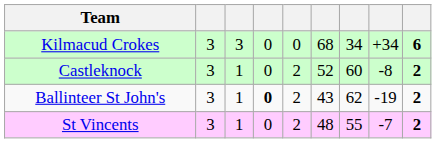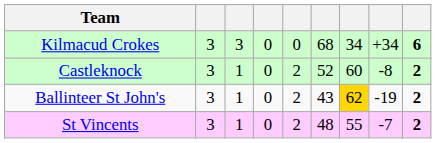 <table class="wikitable" style="text-align:center">
 <tr>
 <th style="width:175px;">Team</th>
 <th width="20"></th>
 <th width="20"></th>
 <th width="20"></th>
 <th width="20"></th>
 <th width="20"></th>
 <th width="20"></th>
 <th width="20"></th>
 <th width="20"></th>
 </tr>
 <tr style="background:#cfc;">
 <td><a href='#'>Kilmacud Crokes</a></td>
 <td>3</td>
 <td>3</td>
 <td>0</td>
 <td>0</td>
 <td>68</td>
 <td>34</td>
 <td>+34</td>
 <td><strong>6</strong></td>
 </tr>
 <tr style="background:#cfc;">
 <td><a href='#'>Castleknock</a></td>
 <td>3</td>
 <td>1</td>
 <td>0</td>
 <td>2</td>
 <td>52</td>
 <td>60</td>
 <td>-8</td>
 <td><strong>2</strong></td>
 </tr>
 <tr>
 <td><a href='#'>Ballinteer St John's</a></td>
 <td>3</td>
 <td>1</td>
-<td><strong>0</strong></td>
+<td>0</td>
 <td>2</td>
 <td>43</td>
-<td>62</td>
+<td style="background: gold;">62</td>
 <td>-19</td>
 <td><strong>2</strong></td>
 </tr>
 <tr style="background:#fcf;">
 <td><a href='#'>St Vincents</a></td>
 <td>3</td>
 <td>1</td>
 <td>0</td>
 <td>2</td>
 <td>48</td>
 <td>55</td>
 <td>-7</td>
 <td><strong>2</strong></td>
 </tr>
 </table>
